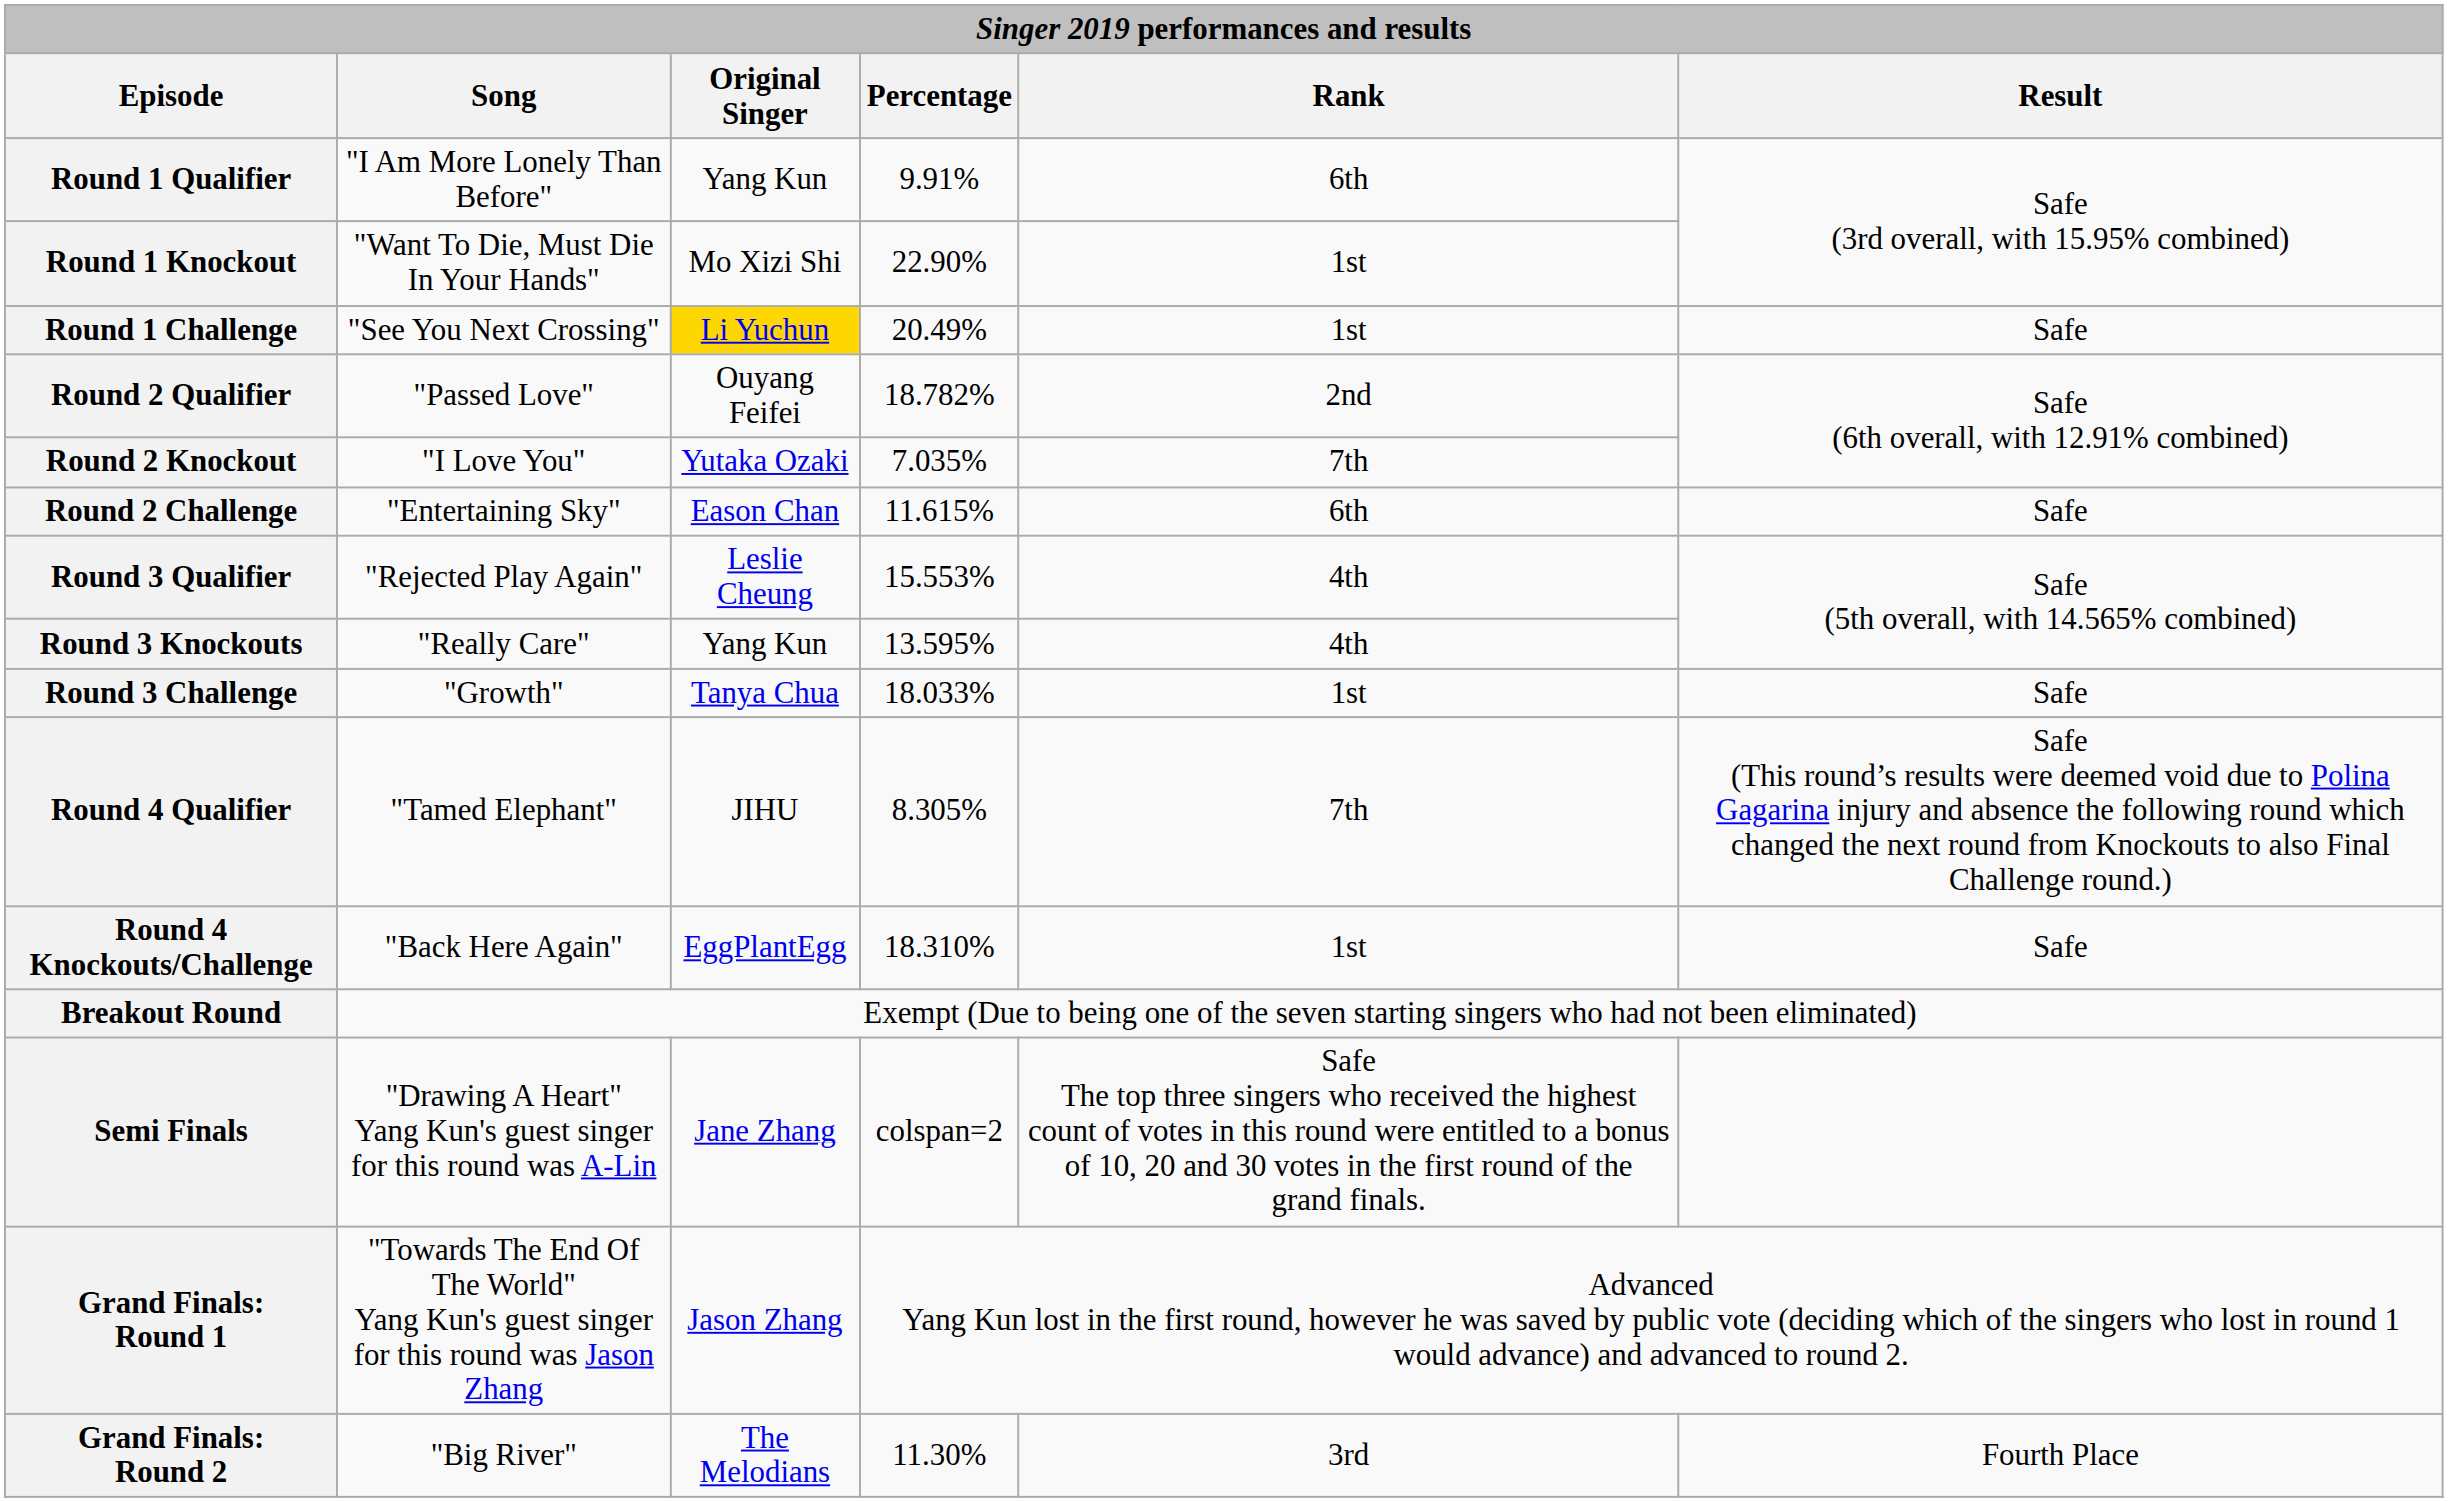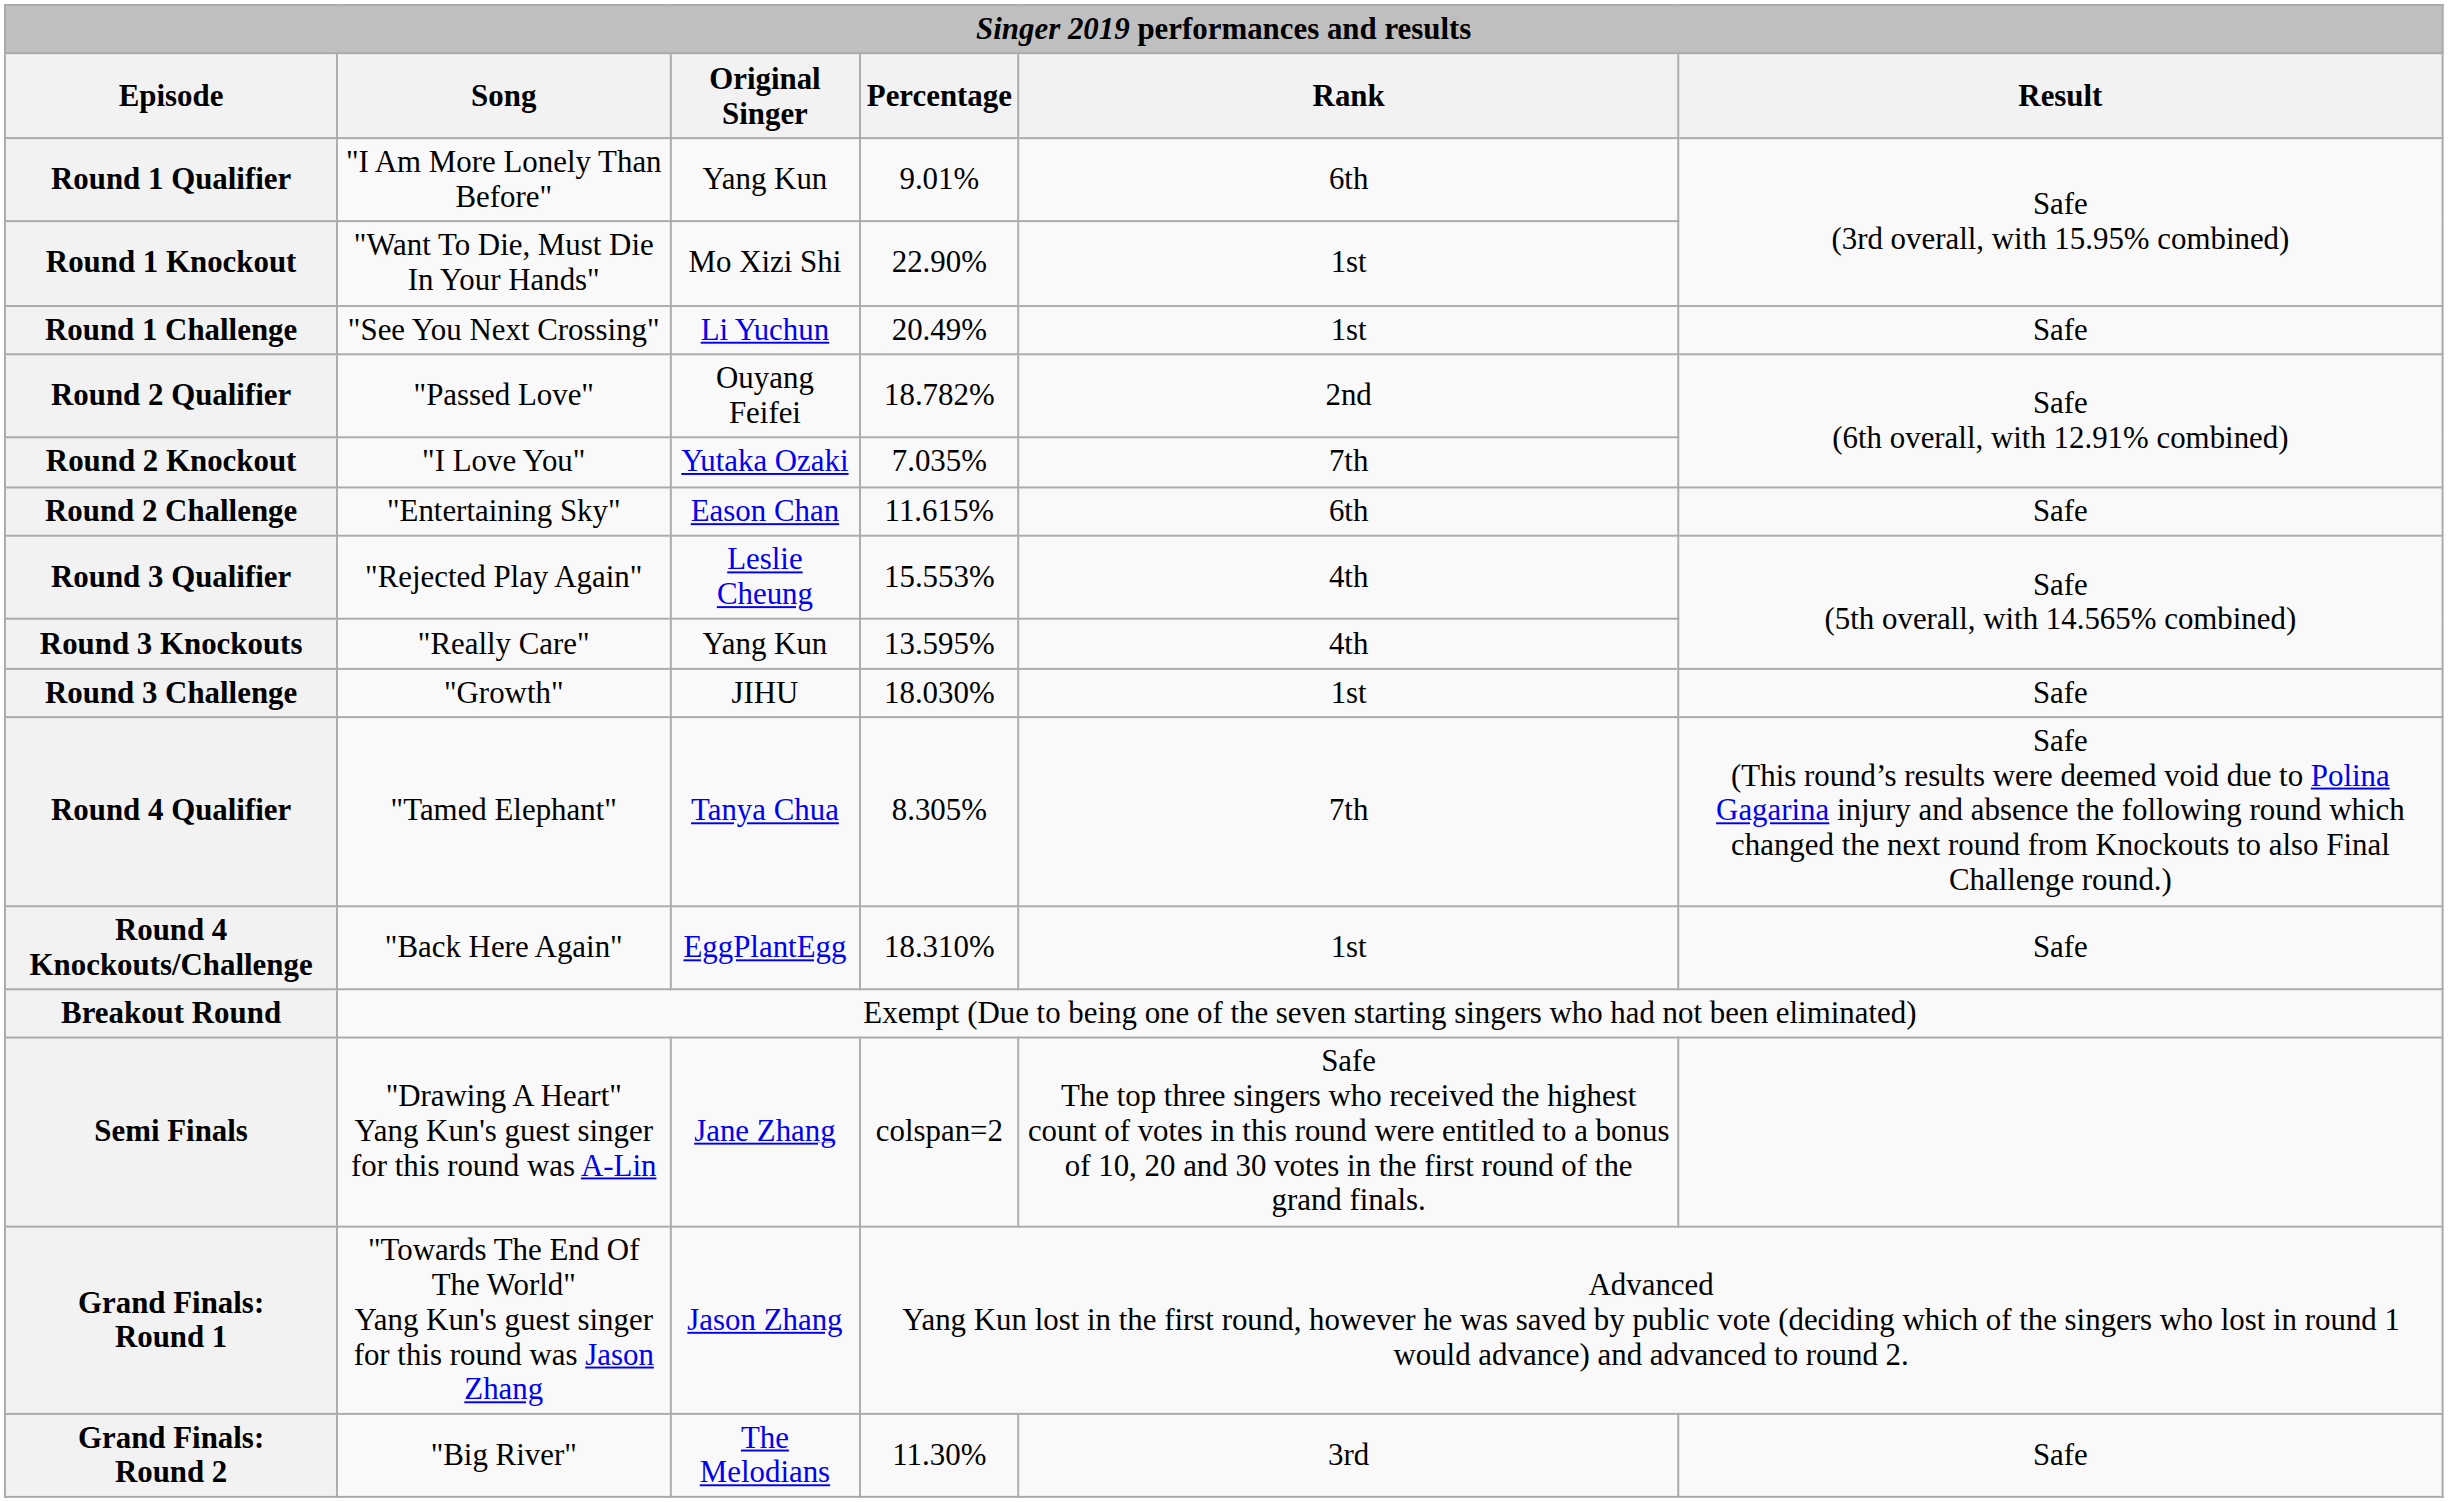 <table class="wikitable collapsible collapsed" style="width:100%; margin:1em auto 1em auto; text-align:center;">
 <tr>
 <th colspan="6" style="background:#BFBFBF;"><em>Singer 2019</em> performances and results</th>
 </tr>
 <tr>
 <th scope="col">Episode</th>
 <th scope="col">Song</th>
 <th scope="col">Original Singer</th>
 <th scope="col">Percentage</th>
 <th scope="col">Rank</th>
 <th scope="col">Result</th>
 </tr>
 <tr>
 <th>Round 1 Qualifier</th>
 <td>"I Am More Lonely Than Before"</td>
 <td>Yang Kun</td>
-<td>9.91%</td>
+<td>9.01%</td>
 <td>6th</td>
 <td rowspan=2>Safe<br>(3rd overall, with 15.95% combined)</td>
 </tr>
 <tr>
 <th>Round 1 Knockout</th>
 <td>"Want To Die, Must Die In Your Hands"</td>
 <td>Mo Xizi Shi</td>
 <td>22.90%</td>
 <td>1st</td>
 </tr>
 <tr>
 <th>Round 1 Challenge</th>
 <td>"See You Next Crossing"</td>
-<td style="background: gold;"><a href='#'>Li Yuchun</a></td>
+<td><a href='#'>Li Yuchun</a></td>
 <td>20.49%</td>
 <td>1st</td>
 <td>Safe</td>
 </tr>
 <tr>
 <th>Round 2 Qualifier</th>
 <td>"Passed Love"</td>
 <td>Ouyang Feifei</td>
 <td>18.782%</td>
 <td>2nd</td>
 <td rowspan=2>Safe<br>(6th overall, with 12.91% combined)</td>
 </tr>
 <tr>
 <th>Round 2 Knockout</th>
 <td>"I Love You"</td>
 <td><a href='#'>Yutaka Ozaki</a></td>
 <td>7.035%</td>
 <td>7th</td>
 </tr>
 <tr>
 <th>Round 2 Challenge</th>
 <td>"Entertaining Sky"</td>
 <td><a href='#'>Eason Chan</a></td>
 <td>11.615%</td>
 <td>6th</td>
 <td>Safe</td>
 </tr>
 <tr>
 <th>Round 3 Qualifier</th>
 <td>"Rejected Play Again"</td>
 <td><a href='#'>Leslie Cheung</a></td>
 <td>15.553%</td>
 <td>4th</td>
 <td rowspan=2>Safe<br>(5th overall, with 14.565% combined)</td>
 </tr>
 <tr>
 <th>Round 3 Knockouts</th>
 <td>"Really Care"</td>
 <td>Yang Kun</td>
 <td>13.595%</td>
 <td>4th</td>
 </tr>
 <tr>
 <th>Round 3 Challenge</th>
 <td>"Growth"</td>
-<td><a href='#'>Tanya Chua</a></td>
-<td>18.033%</td>
+<td>JIHU</td>
+<td>18.030%</td>
 <td>1st</td>
 <td>Safe</td>
 </tr>
 <tr>
 <th>Round 4 Qualifier</th>
 <td>"Tamed Elephant"</td>
-<td>JIHU</td>
+<td><a href='#'>Tanya Chua</a></td>
 <td>8.305%</td>
 <td>7th</td>
 <td>Safe<br>(This round’s results were deemed void due to <a href='#'>Polina Gagarina</a> injury and absence the following round which changed the next round from Knockouts to also Final Challenge round.)</td>
 </tr>
 <tr>
 <th>Round 4 Knockouts/Challenge</th>
 <td>"Back Here Again"</td>
 <td><a href='#'>EggPlantEgg</a></td>
 <td>18.310%</td>
 <td>1st</td>
 <td>Safe</td>
 </tr>
 <tr>
 <th>Breakout Round</th>
 <td colspan=6>Exempt (Due to being one of the seven starting singers who had not been eliminated)</td>
 </tr>
 <tr>
 <th>Semi Finals</th>
 <td>"Drawing A Heart"<br>Yang Kun's guest singer for this round was <a href='#'>A-Lin</a></td>
 <td><a href='#'>Jane Zhang</a></td>
 <td>colspan=2 </td>
 <td>Safe<br>The top three singers who received the highest count of votes in this round were entitled to a bonus of 10, 20 and 30 votes in the first round of the grand finals.</td>
 </tr>
 <tr>
 <th>Grand Finals:<br>Round 1</th>
 <td>"Towards The End Of The World"<br>Yang Kun's guest singer for this round was <a href='#'>Jason Zhang</a></td>
 <td><a href='#'>Jason Zhang</a></td>
 <td colspan=3>Advanced<br>Yang Kun lost in the first round, however he was saved by public vote (deciding which of the singers who lost in round 1 would advance) and advanced to round 2.</td>
 </tr>
 <tr>
 <th>Grand Finals:<br>Round 2</th>
 <td>"Big River"</td>
 <td><a href='#'>The Melodians</a></td>
 <td>11.30%</td>
 <td>3rd</td>
-<td>Fourth Place</td>
+<td>Safe</td>
 </tr>
 </table>
